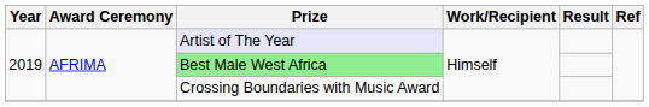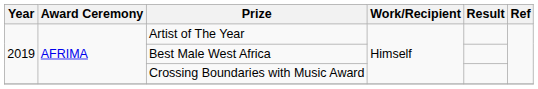 <table class="wikitable">
 <tr>
 <th>Year</th>
 <th>Award Ceremony</th>
 <th>Prize</th>
 <th>Work/Recipient</th>
 <th>Result</th>
 <th>Ref</th>
 </tr>
 <tr Won>
 <td rowspan="3">2019</td>
 <td rowspan="3"><a href='#'>AFRIMA</a></td>
-<td style="background: lavender;">Artist of The Year</td>
+<td>Artist of The Year</td>
 <td rowspan="3">Himself</td>
 <td></td>
 <td rowspan="3"></td>
 </tr>
 <tr>
-<td style="background: lightgreen;">Best Male West Africa</td>
+<td>Best Male West Africa</td>
 <td></td>
 </tr>
 <tr>
 <td>Crossing Boundaries with Music Award</td>
 <td></td>
 </tr>
 <tr>
 </tr>
 </table>
